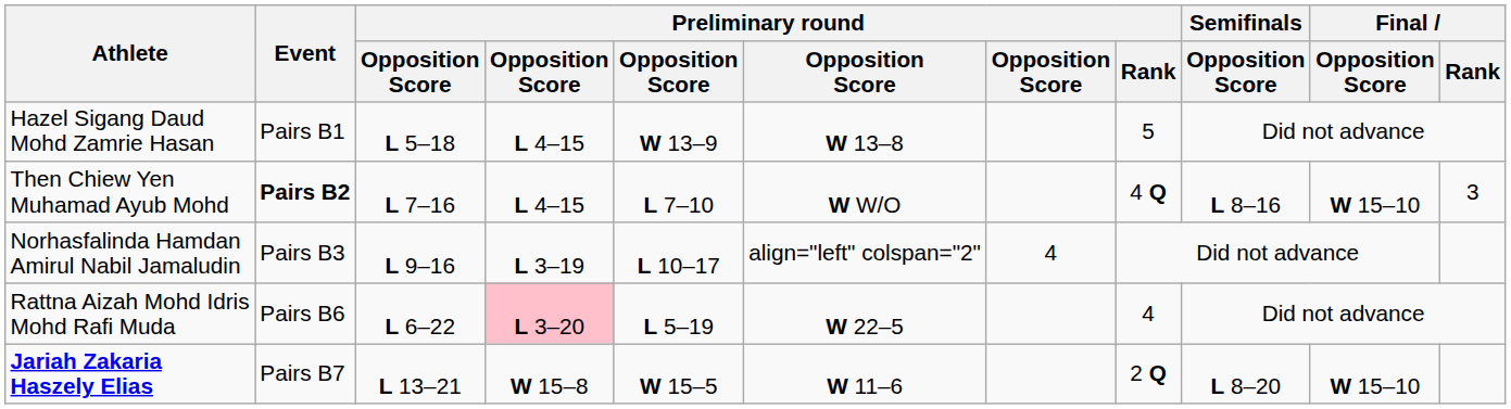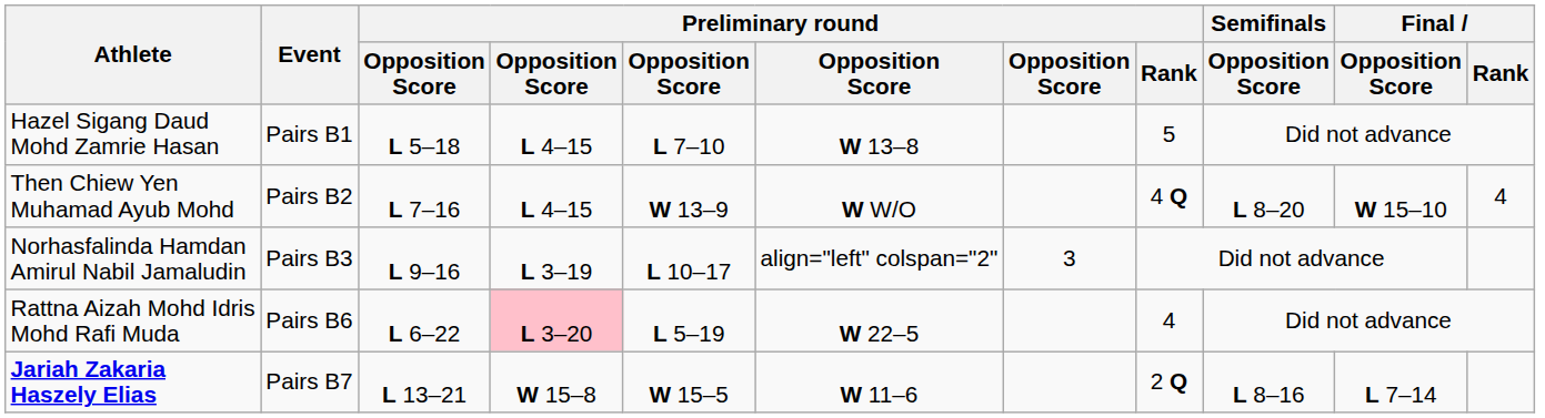 <table class=wikitable style="font-size:90%">
 <tr>
 <th rowspan="2">Athlete</th>
 <th rowspan="2">Event</th>
 <th colspan="6">Preliminary round</th>
 <th>Semifinals</th>
 <th colspan=2>Final / </th>
 </tr>
 <tr>
 <th>Opposition<br>Score</th>
 <th>Opposition<br>Score</th>
 <th>Opposition<br>Score</th>
 <th>Opposition<br>Score</th>
 <th>Opposition<br>Score</th>
 <th>Rank</th>
 <th>Opposition<br>Score</th>
 <th>Opposition<br>Score</th>
 <th>Rank</th>
 </tr>
 <tr align=center>
 <td align=left>Hazel Sigang Daud<br>Mohd Zamrie Hasan</td>
 <td align=left>Pairs B1</td>
 <td><br><strong>L</strong> 5–18</td>
 <td><br><strong>L</strong> 4–15</td>
-<td><br><strong>W</strong> 13–9</td>
+<td><br><strong>L</strong> 7–10</td>
 <td><br><strong>W</strong> 13–8</td>
 <td></td>
 <td>5</td>
 <td colspan="3">Did not advance</td>
 </tr>
 <tr align=center>
 <td align=left>Then Chiew Yen<br>Muhamad Ayub Mohd</td>
-<td align=left><strong>Pairs B2</strong></td>
+<td align=left>Pairs B2</td>
 <td><br><strong>L</strong> 7–16</td>
 <td><br><strong>L</strong> 4–15</td>
-<td><br><strong>L</strong> 7–10</td>
+<td><br><strong>W</strong> 13–9</td>
 <td><br><strong>W</strong> W/O</td>
 <td></td>
 <td>4 <strong>Q</strong></td>
-<td><br><strong>L</strong> 8–16</td>
+<td><br><strong>L</strong> 8–20</td>
 <td><br><strong>W</strong> 15–10</td>
-<td>3</td>
+<td>4</td>
 </tr>
 <tr align=center>
 <td align=left>Norhasfalinda Hamdan<br>Amirul Nabil Jamaludin</td>
 <td align=left>Pairs B3</td>
 <td><br><strong>L</strong> 9–16</td>
 <td><br><strong>L</strong> 3–19</td>
 <td><br><strong>L</strong> 10–17</td>
 <td>align="left" colspan="2" </td>
-<td>4</td>
+<td>3</td>
 <td colspan="3">Did not advance</td>
 </tr>
 <tr align=center>
 <td align=left>Rattna Aizah Mohd Idris<br>Mohd Rafi Muda</td>
 <td align=left>Pairs B6</td>
 <td><br><strong>L</strong> 6–22</td>
 <td style="background: pink;"><br><strong>L</strong> 3–20</td>
 <td><br><strong>L</strong> 5–19</td>
 <td><br><strong>W</strong> 22–5</td>
 <td></td>
 <td>4</td>
 <td colspan="3">Did not advance</td>
 </tr>
 <tr align=center>
 <td align=left><strong><a href='#'>Jariah Zakaria</a><br><a href='#'>Haszely Elias</a></strong></td>
 <td align=left>Pairs B7</td>
 <td><br><strong>L</strong> 13–21</td>
 <td><br><strong>W</strong> 15–8</td>
 <td><br><strong>W</strong> 15–5</td>
 <td><br><strong>W</strong> 11–6</td>
 <td></td>
 <td>2 <strong>Q</strong></td>
-<td><br><strong>L</strong> 8–20</td>
-<td><br><strong>W</strong> 15–10</td>
+<td><br><strong>L</strong> 8–16</td>
+<td><br><strong>L</strong> 7–14</td>
 <td></td>
 </tr>
 </table>
